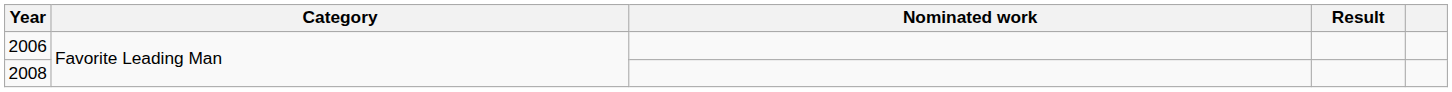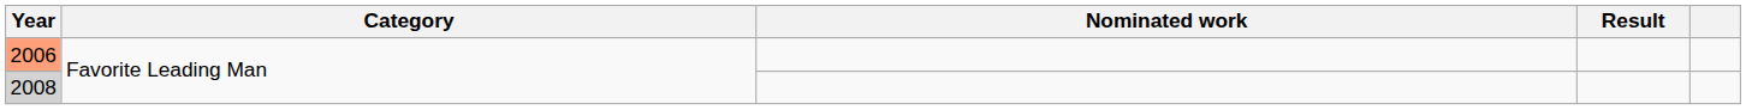 <table class=wikitable>
 <tr>
 <th scope="col" style="width:1em;">Year</th>
 <th scope="col" style="width:33em;">Category</th>
 <th scope="col" style="width:39em;">Nominated work</th>
 <th scope="col" style="width:5em;">Result</th>
 <th scope="col" style="width:2em;"></th>
 </tr>
 <tr>
-<td>2006</td>
+<td style="background: lightsalmon;">2006</td>
 <td rowspan="2">Favorite Leading Man</td>
 <td></td>
 <td></td>
 <td></td>
 </tr>
 <tr>
-<td>2008</td>
+<td style="background: lightgrey;">2008</td>
 <td></td>
 <td></td>
 <td></td>
 </tr>
 </table>
